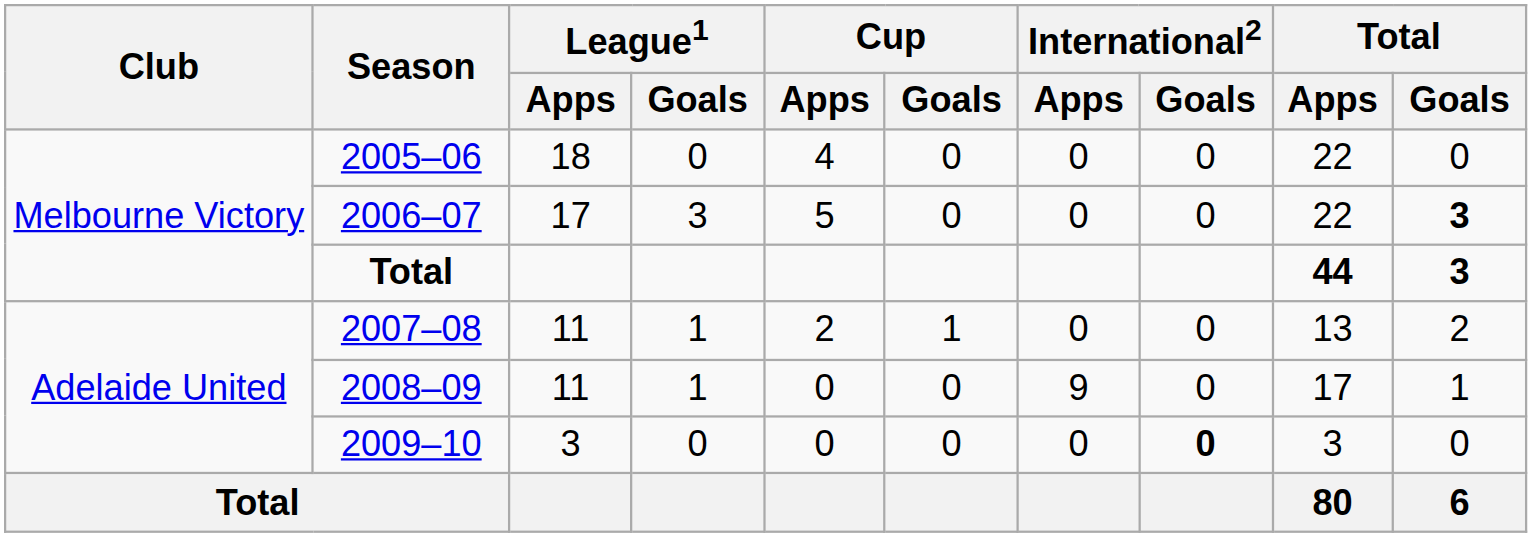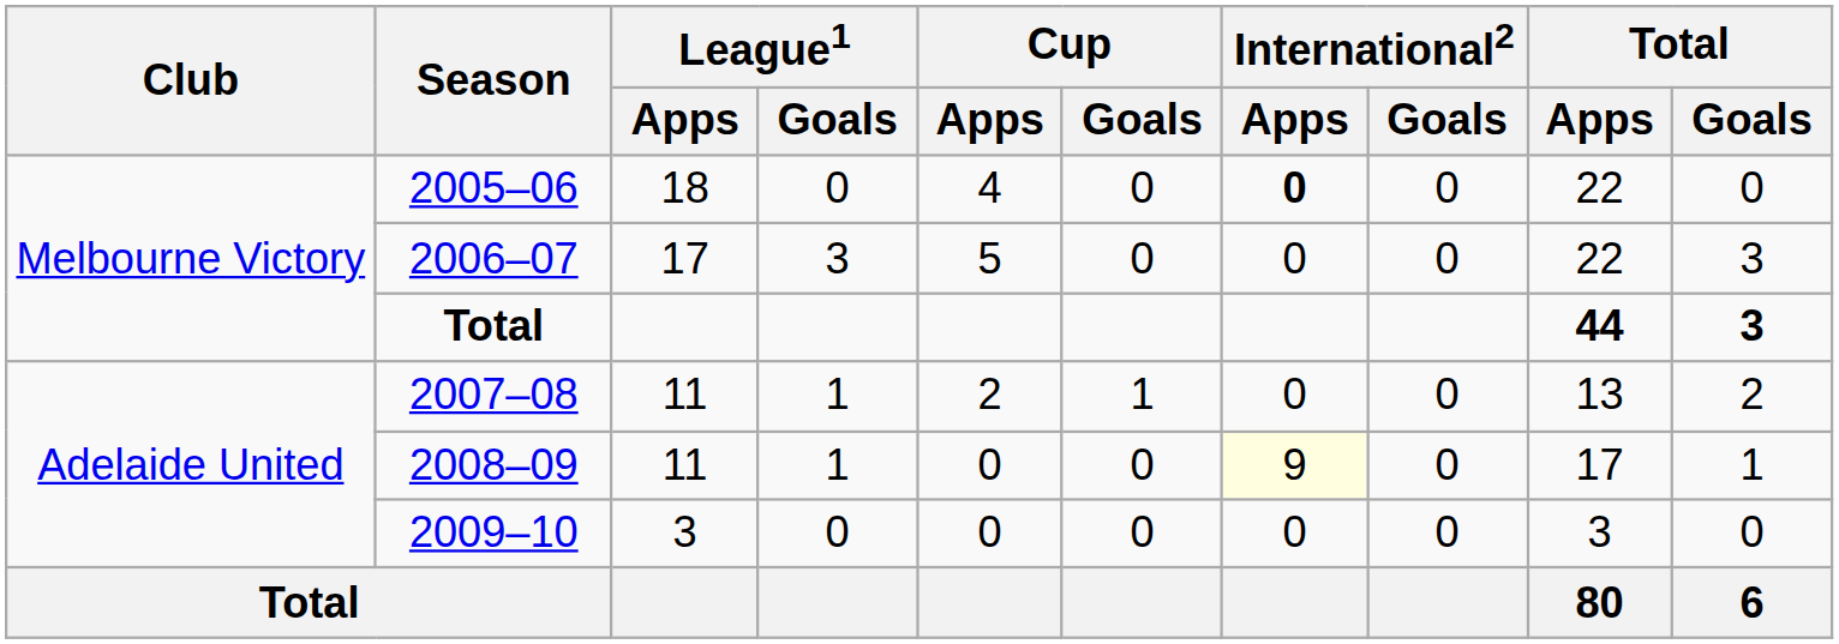 <table class="wikitable" style="text-align: center;">
 <tr>
 <th rowspan="2">Club</th>
 <th rowspan="2" width="80">Season</th>
 <th colspan="2" width="105">League<sup>1</sup></th>
 <th colspan="2" width="105">Cup</th>
 <th colspan="2" width="105">International<sup>2</sup></th>
 <th colspan="2" width="105">Total</th>
 </tr>
 <tr>
 <th>Apps</th>
 <th>Goals</th>
 <th>Apps</th>
 <th>Goals</th>
 <th>Apps</th>
 <th>Goals</th>
 <th>Apps</th>
 <th>Goals</th>
 </tr>
 <tr>
 <td rowspan="3" valign="center"><a href='#'>Melbourne Victory</a></td>
 <td><a href='#'>2005–06</a></td>
 <td>18</td>
 <td>0</td>
 <td>4</td>
 <td>0</td>
-<td>0</td>
+<td><strong>0</strong></td>
 <td>0</td>
 <td>22</td>
 <td>0</td>
 </tr>
 <tr>
 <td><a href='#'>2006–07</a></td>
 <td>17</td>
 <td>3</td>
 <td>5</td>
 <td>0</td>
 <td>0</td>
 <td>0</td>
 <td>22</td>
-<td><strong>3</strong></td>
+<td>3</td>
 </tr>
 <tr>
 <td><strong>Total</strong></td>
 <td></td>
 <td></td>
 <td></td>
 <td></td>
 <td></td>
 <td></td>
 <td><strong>44</strong></td>
 <td><strong>3</strong></td>
 </tr>
 <tr>
 <td rowspan="3" valign="center"><a href='#'>Adelaide United</a></td>
 <td><a href='#'>2007–08</a></td>
 <td>11</td>
 <td>1</td>
 <td>2</td>
 <td>1</td>
 <td>0</td>
 <td>0</td>
 <td>13</td>
 <td>2</td>
 </tr>
 <tr>
 <td><a href='#'>2008–09</a></td>
 <td>11</td>
 <td>1</td>
 <td>0</td>
 <td>0</td>
-<td>9</td>
+<td style="background: lightyellow;">9</td>
 <td>0</td>
 <td>17</td>
 <td>1</td>
 </tr>
 <tr>
 <td><a href='#'>2009–10</a></td>
 <td>3</td>
 <td>0</td>
 <td>0</td>
 <td>0</td>
 <td>0</td>
-<td><strong>0</strong></td>
+<td>0</td>
 <td>3</td>
 <td>0</td>
 </tr>
 <tr>
 <th colspan="2">Total</th>
 <th></th>
 <th></th>
 <th></th>
 <th></th>
 <th></th>
 <th></th>
 <th>80</th>
 <th>6</th>
 </tr>
 </table>
